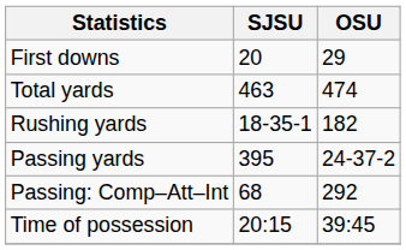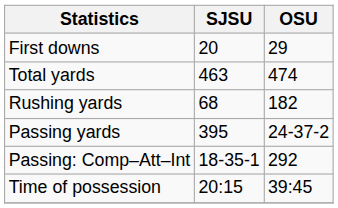 <table class="wikitable" style="float: left;">
 <tr>
 <th>Statistics</th>
 <th>SJSU</th>
 <th>OSU</th>
 </tr>
 <tr>
 <td>First downs</td>
 <td>20</td>
 <td>29</td>
 </tr>
 <tr>
 <td>Total yards</td>
 <td>463</td>
 <td>474</td>
 </tr>
 <tr>
 <td>Rushing yards</td>
-<td>18-35-1</td>
+<td>68</td>
 <td>182</td>
 </tr>
 <tr>
 <td>Passing yards</td>
 <td>395</td>
 <td>24-37-2</td>
 </tr>
 <tr>
 <td>Passing: Comp–Att–Int</td>
-<td>68</td>
+<td>18-35-1</td>
 <td>292</td>
 </tr>
 <tr>
 <td>Time of possession</td>
 <td>20:15</td>
 <td>39:45</td>
 </tr>
 <tr>
 </tr>
 </table>
